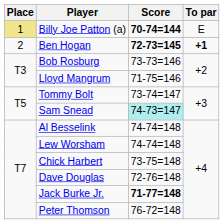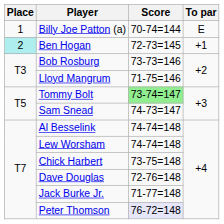 <table class="wikitable">
 <tr>
 <th>Place</th>
 <th>Player</th>
 <th>Score</th>
 <th>To par</th>
 </tr>
 <tr>
-<td align=center style="background: khaki;">1</td>
+<td align=center>1</td>
 <td> <a href='#'>Billy Joe Patton</a> (a)</td>
-<td><strong>70-74=144</strong></td>
+<td>70-74=144</td>
 <td align="center">E</td>
 </tr>
 <tr>
-<td align=center>2</td>
+<td align=center style="background: paleturquoise;">2</td>
 <td> <a href='#'>Ben Hogan</a></td>
-<td><strong>72-73=145</strong></td>
-<td align="center"><strong>+1</strong></td>
+<td>72-73=145</td>
+<td align="center">+1</td>
 </tr>
 <tr>
 <td rowspan="2" align="center">T3</td>
 <td> <a href='#'>Bob Rosburg</a></td>
 <td>73-73=146</td>
 <td rowspan="2" align="center">+2</td>
 </tr>
 <tr>
 <td> <a href='#'>Lloyd Mangrum</a></td>
 <td>71-75=146</td>
 </tr>
 <tr>
 <td rowspan="2" align="center">T5</td>
 <td> <a href='#'>Tommy Bolt</a></td>
-<td>73-74=147</td>
+<td style="background: lightgreen;">73-74=147</td>
 <td rowspan="2" align="center">+3</td>
 </tr>
 <tr>
 <td> <a href='#'>Sam Snead</a></td>
-<td style="background: paleturquoise;">74-73=147</td>
+<td>74-73=147</td>
 </tr>
 <tr>
 <td rowspan=6 align="center">T7</td>
 <td> <a href='#'>Al Besselink</a></td>
 <td>74-74=148</td>
 <td rowspan=6 align="center">+4</td>
 </tr>
 <tr>
 <td> <a href='#'>Lew Worsham</a></td>
 <td>74-74=148</td>
 </tr>
 <tr>
 <td> <a href='#'>Chick Harbert</a></td>
 <td>73-75=148</td>
 </tr>
 <tr>
 <td> <a href='#'>Dave Douglas</a></td>
 <td>72-76=148</td>
 </tr>
 <tr>
 <td> <a href='#'>Jack Burke Jr.</a></td>
-<td><strong>71-77=148</strong></td>
+<td>71-77=148</td>
 </tr>
 <tr>
 <td> <a href='#'>Peter Thomson</a></td>
-<td>76-72=148</td>
+<td style="background: lavender;">76-72=148</td>
 </tr>
 </table>
